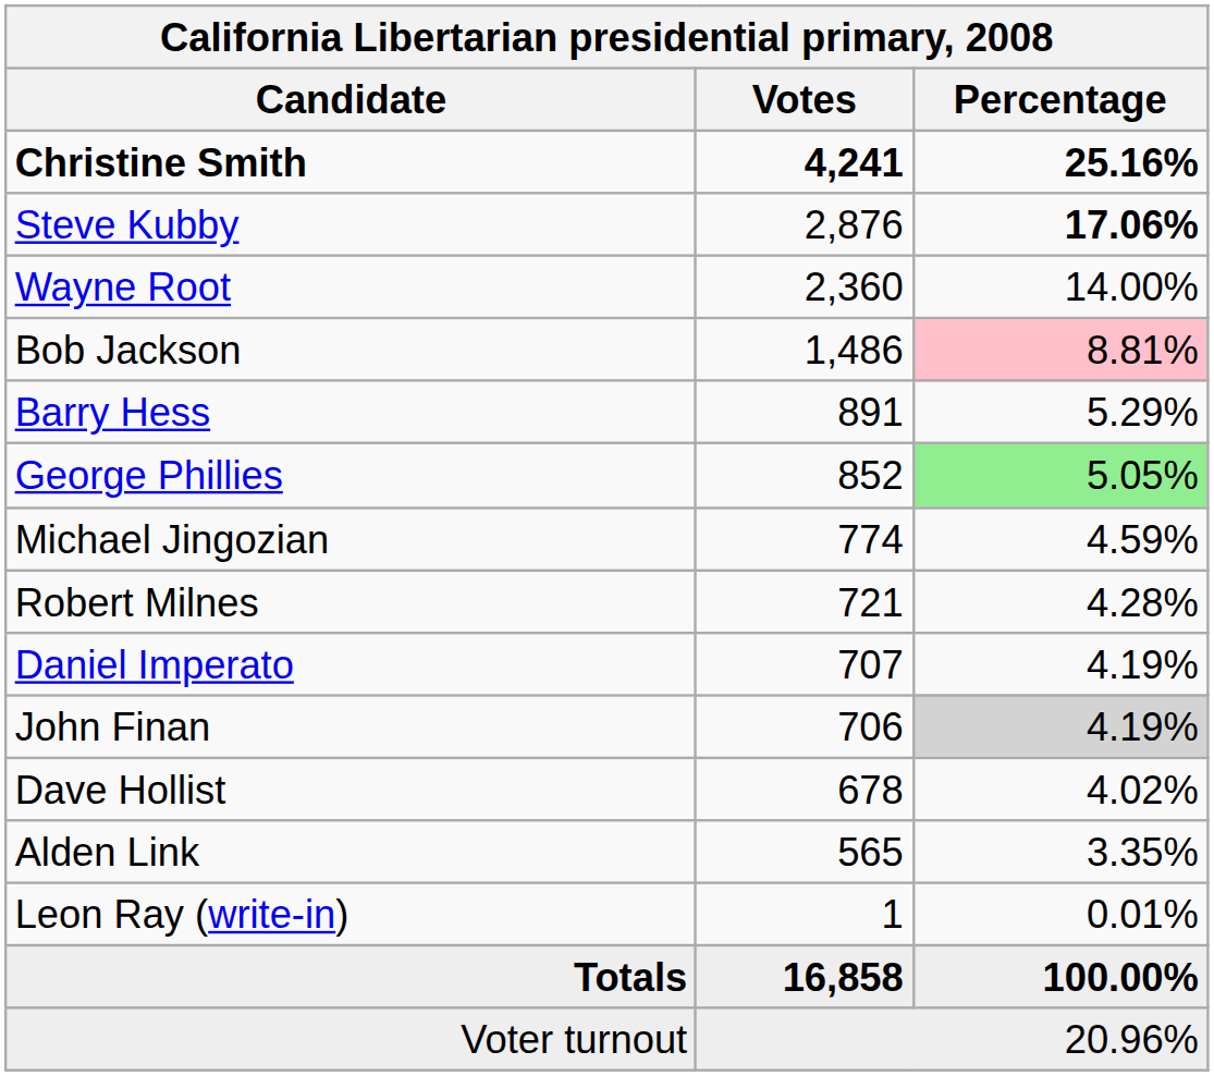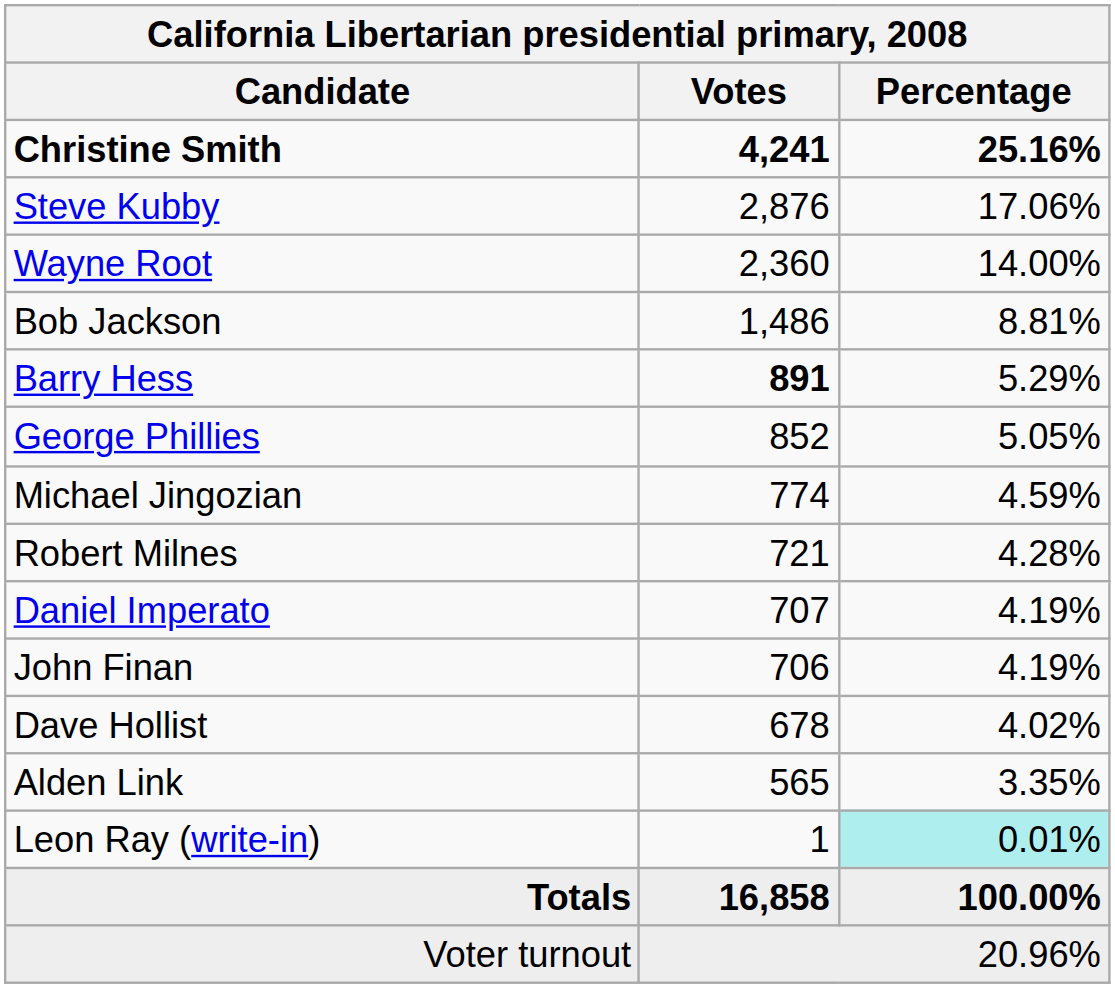 <table class="wikitable" style="font-size: 95%;">
 <tr>
 <th colspan="3">California Libertarian presidential primary, 2008</th>
 </tr>
 <tr>
 <th style="width: 17em">Candidate</th>
 <th style="width: 5em">Votes</th>
 <th style="width: 7em">Percentage</th>
 </tr>
 <tr>
 <td><strong>Christine Smith</strong></td>
 <td align="right"><strong>4,241</strong></td>
 <td align="right"><strong>25.16%</strong></td>
 </tr>
 <tr>
 <td><a href='#'>Steve Kubby</a></td>
 <td align="right">2,876</td>
-<td align="right"><strong>17.06%</strong></td>
+<td align="right">17.06%</td>
 </tr>
 <tr>
 <td><a href='#'>Wayne Root</a></td>
 <td align="right">2,360</td>
 <td align="right">14.00%</td>
 </tr>
 <tr>
 <td>Bob Jackson</td>
 <td align="right">1,486</td>
-<td align="right" style="background: pink;">8.81%</td>
+<td align="right">8.81%</td>
 </tr>
 <tr>
 <td><a href='#'>Barry Hess</a></td>
-<td align="right">891</td>
+<td align="right"><strong>891</strong></td>
 <td align="right">5.29%</td>
 </tr>
 <tr>
 <td><a href='#'>George Phillies</a></td>
 <td align="right">852</td>
-<td align="right" style="background: lightgreen;">5.05%</td>
+<td align="right">5.05%</td>
 </tr>
 <tr>
 <td>Michael Jingozian</td>
 <td align="right">774</td>
 <td align="right">4.59%</td>
 </tr>
 <tr>
 <td>Robert Milnes</td>
 <td align="right">721</td>
 <td align="right">4.28%</td>
 </tr>
 <tr>
 <td><a href='#'>Daniel Imperato</a></td>
 <td align="right">707</td>
 <td align="right">4.19%</td>
 </tr>
 <tr>
 <td>John Finan</td>
 <td align="right">706</td>
-<td align="right" style="background: lightgrey;">4.19%</td>
+<td align="right">4.19%</td>
 </tr>
 <tr>
 <td>Dave Hollist</td>
 <td align="right">678</td>
 <td align="right">4.02%</td>
 </tr>
 <tr>
 <td>Alden Link</td>
 <td align="right">565</td>
 <td align="right">3.35%</td>
 </tr>
 <tr>
 <td>Leon Ray (<a href='#'>write-in</a>)</td>
 <td align="right">1</td>
-<td align="right">0.01%</td>
+<td align="right" style="background: paleturquoise;">0.01%</td>
 </tr>
 <tr bgcolor="#EEEEEE">
 <td align="right"><strong>Totals</strong></td>
 <td align="right"><strong>16,858</strong></td>
 <td align="right"><strong>100.00%</strong></td>
 </tr>
 <tr bgcolor="#EEEEEE">
 <td align="right">Voter turnout</td>
 <td colspan="2" align="right">20.96%</td>
 </tr>
 </table>
